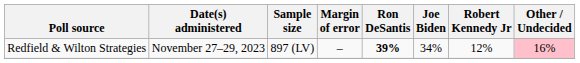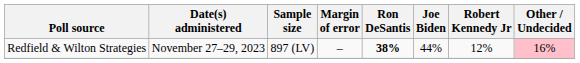 <table class="wikitable sortable mw-datatable" style="font-size:90%;text-align:center;line-height:17px">
 <tr valign=bottom>
 <th>Poll source</th>
 <th>Date(s)<br>administered</th>
 <th>Sample<br>size</th>
 <th>Margin<br>of error</th>
 <th class="unsortable">Ron<br>DeSantis<br></th>
 <th class="unsortable">Joe<br>Biden<br></th>
 <th class="unsortable">Robert<br>Kennedy Jr<br></th>
 <th class="unsortable">Other /<br>Undecided</th>
 </tr>
 <tr>
 <td style="text-align:left;">Redfield & Wilton Strategies</td>
 <td data-sort-value="2023-12-05">November 27–29, 2023</td>
 <td>897 (LV)</td>
 <td>–</td>
-<td style="background-color:"><strong>39%</strong></td>
-<td>34%</td>
+<td style="background-color:"><strong>38%</strong></td>
+<td>44%</td>
 <td>12%</td>
 <td style="background: pink;">16%</td>
 </tr>
 <tr>
 </tr>
 </table>
